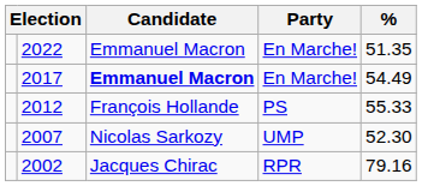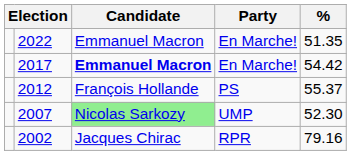 <table class="wikitable">
 <tr>
 <th colspan="2">Election</th>
 <th>Candidate</th>
 <th>Party</th>
 <th>%</th>
 </tr>
 <tr>
 <td style="background-color: "></td>
 <td><a href='#'>2022</a></td>
 <td><a href='#'>Emmanuel Macron</a></td>
 <td><a href='#'>En Marche!</a></td>
 <td>51.35</td>
 </tr>
 <tr>
 <td style="background-color: "></td>
 <td><a href='#'>2017</a></td>
 <td><strong><a href='#'>Emmanuel Macron</a></strong></td>
 <td><a href='#'>En Marche!</a></td>
-<td>54.49</td>
+<td>54.42</td>
 </tr>
 <tr>
 <td style="background-color: "></td>
 <td><a href='#'>2012</a></td>
 <td><a href='#'>François Hollande</a></td>
 <td><a href='#'>PS</a></td>
-<td>55.33</td>
+<td>55.37</td>
 </tr>
 <tr>
 <td style="background-color: "></td>
 <td><a href='#'>2007</a></td>
-<td><a href='#'>Nicolas Sarkozy</a></td>
+<td style="background: lightgreen;"><a href='#'>Nicolas Sarkozy</a></td>
 <td><a href='#'>UMP</a></td>
 <td>52.30</td>
 </tr>
 <tr>
 <td style="background-color: "></td>
 <td><a href='#'>2002</a></td>
 <td><a href='#'>Jacques Chirac</a></td>
 <td><a href='#'>RPR</a></td>
 <td>79.16</td>
 </tr>
 </table>
